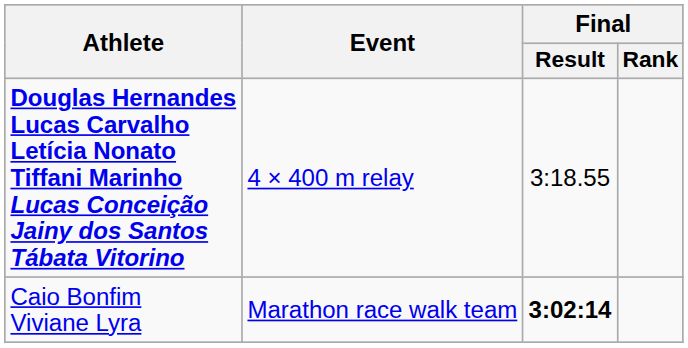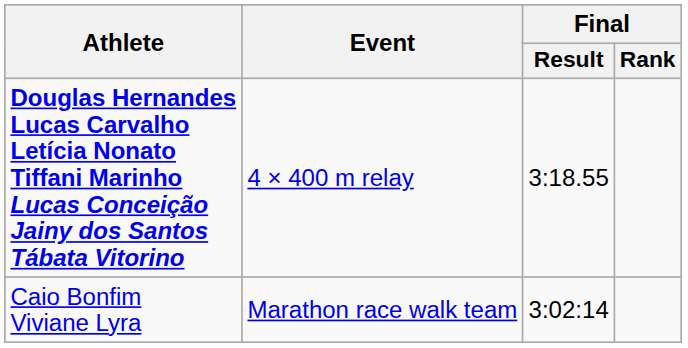 <table class="wikitable" style="font-size:90%">
 <tr>
 <th rowspan="2">Athlete</th>
 <th rowspan="2">Event</th>
 <th colspan="2">Final</th>
 </tr>
 <tr style="font-size:95%">
 <th>Result</th>
 <th>Rank</th>
 </tr>
 <tr align=center>
 <td align=left><strong><a href='#'>Douglas Hernandes</a><br><a href='#'>Lucas Carvalho</a><br><a href='#'>Letícia Nonato</a><br><a href='#'>Tiffani Marinho</a><br><em><a href='#'>Lucas Conceição</a></em><br><em><a href='#'>Jainy dos Santos</a></em><br><em><a href='#'>Tábata Vitorino</a><strong><em></td>
 <td align=left><a href='#'>4 × 400 m relay</a></td>
 <td>3:18.55</td>
 <td></td>
 </tr>
 <tr align=center>
 <td align=left></strong><a href='#'>Caio Bonfim</a><br><a href='#'>Viviane Lyra</a><strong></td>
 <td align=left><a href='#'>Marathon race walk team</a></td>
-<td><strong>3:02:14</strong></td>
+<td>3:02:14</td>
 <td></td>
 </tr>
 </table>
